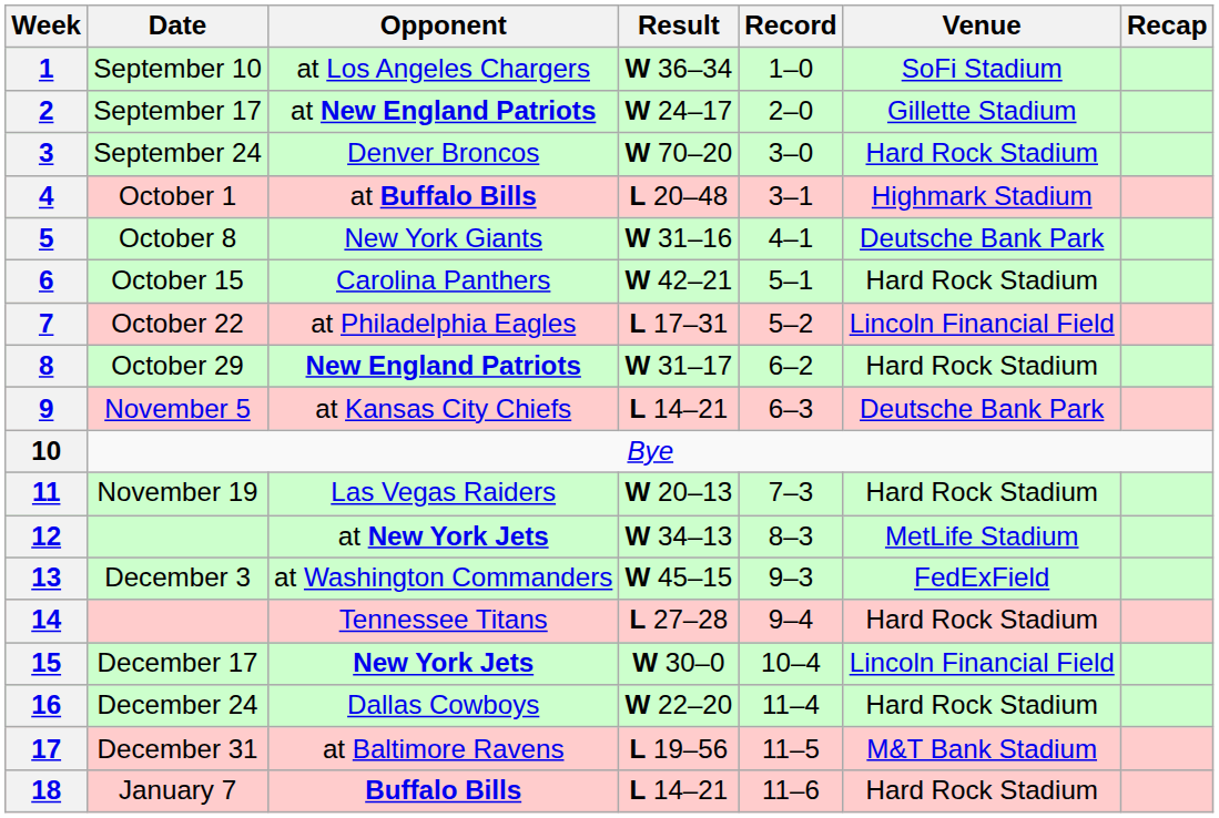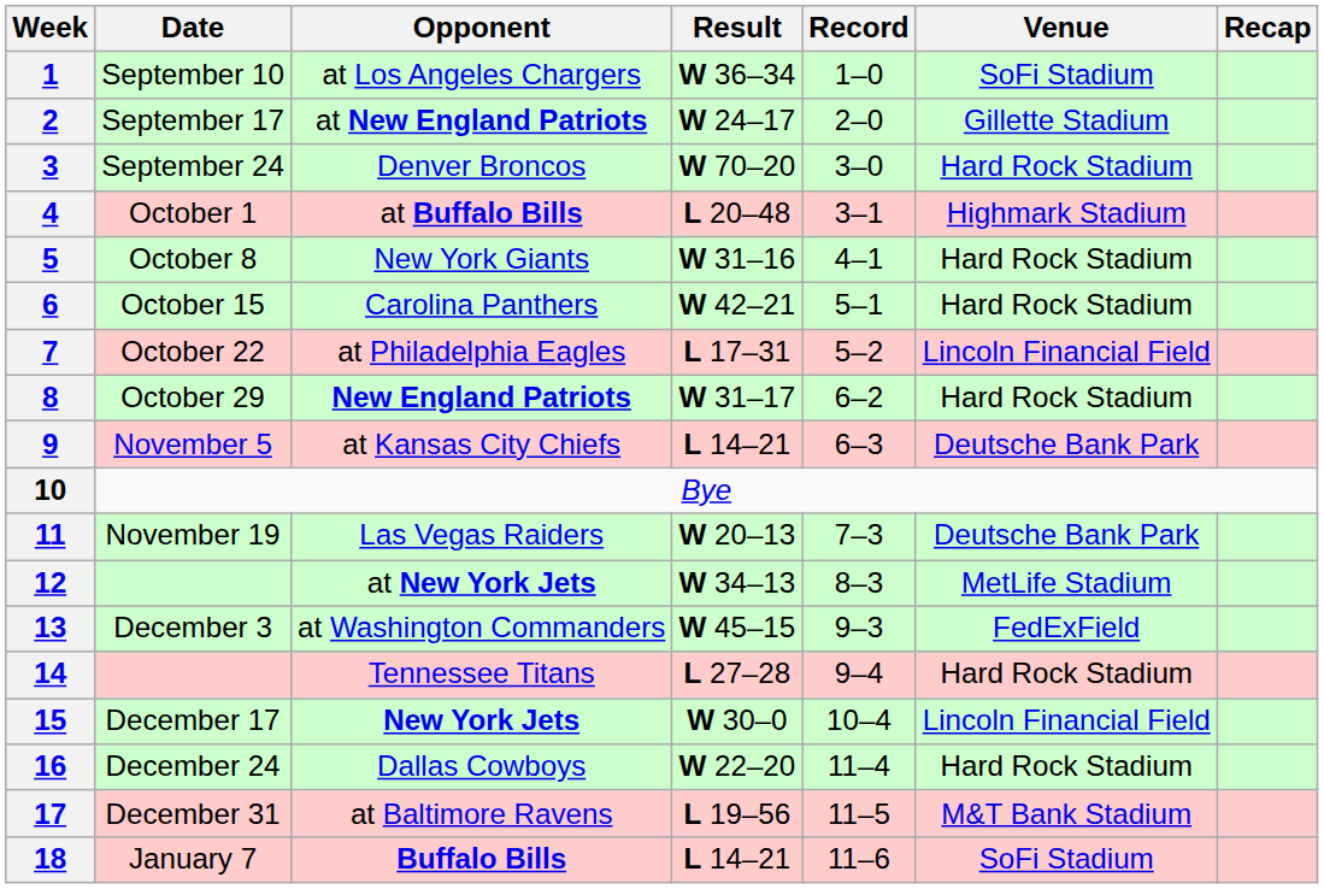 <table class="wikitable" style="text-align:center">
 <tr>
 <th scope="col">Week</th>
 <th scope="col">Date</th>
 <th scope="col">Opponent</th>
 <th scope="col">Result</th>
 <th scope="col">Record</th>
 <th scope="col">Venue</th>
 <th scope="col">Recap</th>
 </tr>
 <tr style="background:#cfc">
 <th scope="row"><a href='#'>1</a></th>
 <td>September 10</td>
 <td>at <a href='#'>Los Angeles Chargers</a></td>
 <td><strong>W</strong> 36–34</td>
 <td>1–0</td>
 <td><a href='#'>SoFi Stadium</a></td>
 <td></td>
 </tr>
 <tr style="background:#cfc">
 <th scope="row"><a href='#'>2</a></th>
 <td>September 17</td>
 <td>at <strong><a href='#'>New England Patriots</a></strong></td>
 <td><strong>W</strong> 24–17</td>
 <td>2–0</td>
 <td><a href='#'>Gillette Stadium</a></td>
 <td></td>
 </tr>
 <tr style="background:#cfc">
 <th scope="row"><a href='#'>3</a></th>
 <td>September 24</td>
 <td><a href='#'>Denver Broncos</a></td>
 <td><strong>W</strong> 70–20</td>
 <td>3–0</td>
 <td><a href='#'>Hard Rock Stadium</a></td>
 <td></td>
 </tr>
 <tr style="background:#fcc">
 <th scope="row"><a href='#'>4</a></th>
 <td>October 1</td>
 <td>at <strong><a href='#'>Buffalo Bills</a></strong></td>
 <td><strong>L</strong> 20–48</td>
 <td>3–1</td>
 <td><a href='#'>Highmark Stadium</a></td>
 <td></td>
 </tr>
 <tr style="background:#cfc">
 <th scope="row"><a href='#'>5</a></th>
 <td>October 8</td>
 <td><a href='#'>New York Giants</a></td>
 <td><strong>W</strong> 31–16</td>
 <td>4–1</td>
-<td> <a href='#'>Deutsche Bank Park</a> </td>
+<td>Hard Rock Stadium</td>
 <td></td>
 </tr>
 <tr style="background:#cfc">
 <th scope="row"><a href='#'>6</a></th>
 <td>October 15</td>
 <td><a href='#'>Carolina Panthers</a></td>
 <td><strong>W</strong> 42–21</td>
 <td>5–1</td>
 <td>Hard Rock Stadium</td>
 <td></td>
 </tr>
 <tr style="background:#fcc">
 <th scope="row"><a href='#'>7</a></th>
 <td>October 22</td>
 <td>at <a href='#'>Philadelphia Eagles</a></td>
 <td><strong>L</strong> 17–31</td>
 <td>5–2</td>
 <td><a href='#'>Lincoln Financial Field</a></td>
 <td></td>
 </tr>
 <tr style="background:#cfc">
 <th scope="row"><a href='#'>8</a></th>
 <td>October 29</td>
 <td><strong><a href='#'>New England Patriots</a></strong></td>
 <td><strong>W</strong> 31–17</td>
 <td>6–2</td>
 <td>Hard Rock Stadium</td>
 <td></td>
 </tr>
 <tr style="background:#fcc">
 <th scope="row"><a href='#'>9</a></th>
 <td><a href='#'>November 5</a></td>
 <td>at <a href='#'>Kansas City Chiefs</a></td>
 <td><strong>L</strong> 14–21</td>
 <td>6–3</td>
 <td> <a href='#'>Deutsche Bank Park</a> </td>
 <td></td>
 </tr>
 <tr>
 <th>10</th>
 <td colspan="6"><em><a href='#'>Bye</a></em></td>
 </tr>
 <tr style="background:#cfc">
 <th scope="row"><a href='#'>11</a></th>
 <td>November 19</td>
 <td><a href='#'>Las Vegas Raiders</a></td>
 <td><strong>W</strong> 20–13</td>
 <td>7–3</td>
-<td>Hard Rock Stadium</td>
+<td> <a href='#'>Deutsche Bank Park</a> </td>
 <td></td>
 </tr>
 <tr style="background:#cfc">
 <th scope="row"><a href='#'>12</a></th>
 <td></td>
 <td>at <strong><a href='#'>New York Jets</a></strong></td>
 <td><strong>W</strong> 34–13</td>
 <td>8–3</td>
 <td><a href='#'>MetLife Stadium</a></td>
 <td></td>
 </tr>
 <tr style="background:#cfc">
 <th scope="row"><a href='#'>13</a></th>
 <td>December 3</td>
 <td>at <a href='#'>Washington Commanders</a></td>
 <td><strong>W</strong> 45–15</td>
 <td>9–3</td>
 <td><a href='#'>FedExField</a></td>
 <td></td>
 </tr>
 <tr style="background:#fcc">
 <th scope="row"><a href='#'>14</a></th>
 <td></td>
 <td><a href='#'>Tennessee Titans</a></td>
 <td><strong>L</strong> 27–28</td>
 <td>9–4</td>
 <td>Hard Rock Stadium</td>
 <td></td>
 </tr>
 <tr style="background:#cfc">
 <th scope="row"><a href='#'>15</a></th>
 <td>December 17</td>
 <td><strong><a href='#'>New York Jets</a></strong></td>
 <td><strong>W</strong> 30–0</td>
 <td>10–4</td>
 <td><a href='#'>Lincoln Financial Field</a></td>
 <td></td>
 </tr>
 <tr style="background:#cfc">
 <th scope="row"><a href='#'>16</a></th>
 <td>December 24</td>
 <td><a href='#'>Dallas Cowboys</a></td>
 <td><strong>W</strong> 22–20</td>
 <td>11–4</td>
 <td>Hard Rock Stadium</td>
 <td></td>
 </tr>
 <tr style="background:#fcc">
 <th scope="row"><a href='#'>17</a></th>
 <td>December 31</td>
 <td>at <a href='#'>Baltimore Ravens</a></td>
 <td><strong>L</strong> 19–56</td>
 <td>11–5</td>
 <td><a href='#'>M&T Bank Stadium</a></td>
 <td></td>
 </tr>
 <tr style="background:#fcc">
 <th scope="row"><a href='#'>18</a></th>
 <td>January 7</td>
 <td><strong><a href='#'>Buffalo Bills</a></strong></td>
 <td><strong>L</strong> 14–21</td>
 <td>11–6</td>
-<td>Hard Rock Stadium</td>
+<td><a href='#'>SoFi Stadium</a></td>
 <td></td>
 </tr>
 </table>
